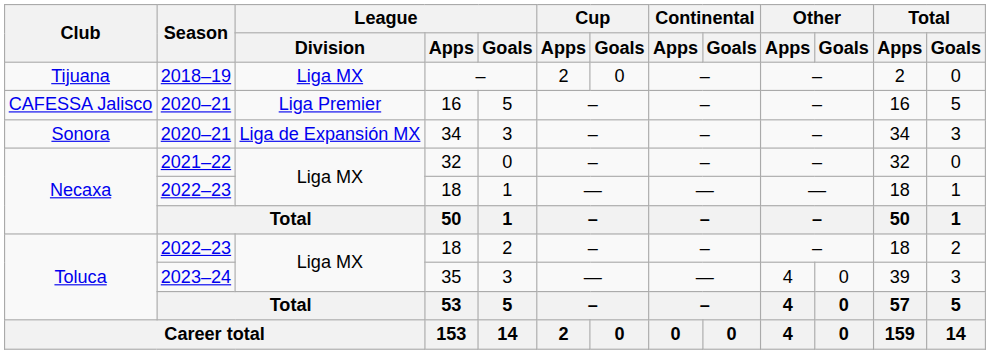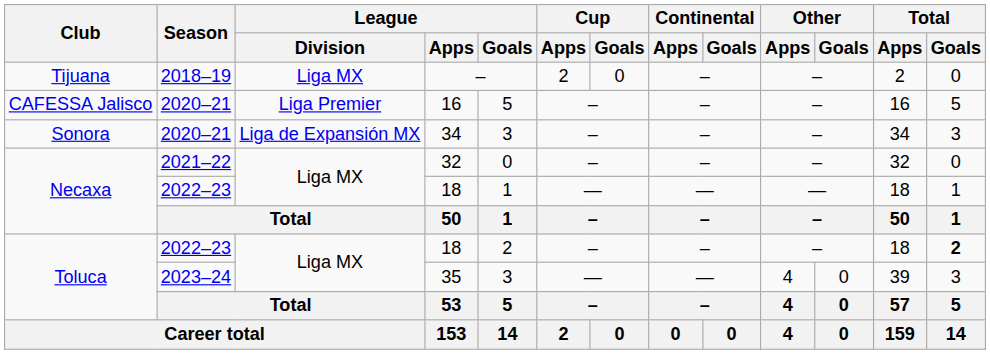 <table class="wikitable" style="text-align: center">
 <tr>
 <th rowspan="2">Club</th>
 <th rowspan="2">Season</th>
 <th colspan="3">League</th>
 <th colspan="2">Cup</th>
 <th colspan="2">Continental</th>
 <th colspan="2">Other</th>
 <th colspan="2">Total</th>
 </tr>
 <tr>
 <th>Division</th>
 <th>Apps</th>
 <th>Goals</th>
 <th>Apps</th>
 <th>Goals</th>
 <th>Apps</th>
 <th>Goals</th>
 <th>Apps</th>
 <th>Goals</th>
 <th>Apps</th>
 <th>Goals</th>
 </tr>
 <tr>
 <td><a href='#'>Tijuana</a></td>
 <td><a href='#'>2018–19</a></td>
 <td><a href='#'>Liga MX</a></td>
 <td colspan="2">–</td>
 <td>2</td>
 <td>0</td>
 <td colspan="2">–</td>
 <td colspan="2">–</td>
 <td>2</td>
 <td>0</td>
 </tr>
 <tr>
 <td><a href='#'>CAFESSA Jalisco</a></td>
 <td><a href='#'>2020–21</a></td>
 <td><a href='#'>Liga Premier</a></td>
 <td>16</td>
 <td>5</td>
 <td colspan="2">–</td>
 <td colspan="2">–</td>
 <td colspan="2">–</td>
 <td>16</td>
 <td>5</td>
 </tr>
 <tr>
 <td><a href='#'>Sonora</a></td>
 <td><a href='#'>2020–21</a></td>
 <td><a href='#'>Liga de Expansión MX</a></td>
 <td>34</td>
 <td>3</td>
 <td colspan="2">–</td>
 <td colspan="2">–</td>
 <td colspan="2">–</td>
 <td>34</td>
 <td>3</td>
 </tr>
 <tr>
 <td rowspan="3"><a href='#'>Necaxa</a></td>
 <td><a href='#'>2021–22</a></td>
 <td rowspan="2">Liga MX</td>
 <td>32</td>
 <td>0</td>
 <td colspan="2">–</td>
 <td colspan="2">–</td>
 <td colspan="2">–</td>
 <td>32</td>
 <td>0</td>
 </tr>
 <tr>
 <td><a href='#'>2022–23</a></td>
 <td>18</td>
 <td>1</td>
 <td colspan=2>—</td>
 <td colspan=2>—</td>
 <td colspan=2>—</td>
 <td>18</td>
 <td>1</td>
 </tr>
 <tr>
 <th colspan="2">Total</th>
 <th>50</th>
 <th>1</th>
 <th colspan="2">–</th>
 <th colspan="2">–</th>
 <th colspan="2">–</th>
 <th>50</th>
 <th>1</th>
 </tr>
 <tr>
 <td rowspan="3"><a href='#'>Toluca</a></td>
 <td><a href='#'>2022–23</a></td>
 <td rowspan="2">Liga MX</td>
 <td>18</td>
 <td>2</td>
 <td colspan="2">–</td>
 <td colspan="2">–</td>
 <td colspan="2">–</td>
 <td>18</td>
-<td>2</td>
+<td><strong>2</strong></td>
 </tr>
 <tr>
 <td><a href='#'>2023–24</a></td>
 <td>35</td>
 <td>3</td>
 <td colspan=2>—</td>
 <td colspan=2>—</td>
 <td>4</td>
 <td>0</td>
 <td>39</td>
 <td>3</td>
 </tr>
 <tr>
 <th colspan="2">Total</th>
 <th>53</th>
 <th>5</th>
 <th colspan="2">–</th>
 <th colspan="2">–</th>
 <th>4</th>
 <th>0</th>
 <th>57</th>
 <th>5</th>
 </tr>
 <tr>
 <th colspan=3>Career total</th>
 <th>153</th>
 <th>14</th>
 <th>2</th>
 <th>0</th>
 <th>0</th>
 <th>0</th>
 <th>4</th>
 <th>0</th>
 <th>159</th>
 <th>14</th>
 </tr>
 </table>
